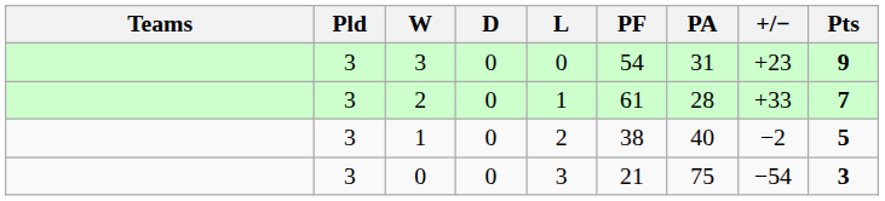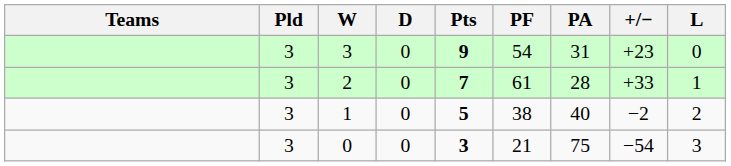 <table class="wikitable" style="text-align: center;">
 <tr>
 <th width="200">Teams</th>
 <th width="40">Pld</th>
 <th width="40">W</th>
 <th width="40">D</th>
-<th width="40">L</th>
+<th width="40">Pts</th>
 <th width="40">PF</th>
 <th width="40">PA</th>
 <th width="40">+/−</th>
-<th width="40">Pts</th>
+<th width="40">L</th>
 </tr>
 <tr bgcolor=ccffcc>
 <td align=left></td>
 <td>3</td>
 <td>3</td>
 <td>0</td>
-<td>0</td>
+<td><strong>9</strong></td>
 <td>54</td>
 <td>31</td>
 <td>+23</td>
-<td><strong>9</strong></td>
+<td>0</td>
 </tr>
 <tr bgcolor=ccffcc>
 <td align=left></td>
 <td>3</td>
 <td>2</td>
 <td>0</td>
-<td>1</td>
+<td><strong>7</strong></td>
 <td>61</td>
 <td>28</td>
 <td>+33</td>
-<td><strong>7</strong></td>
+<td>1</td>
 </tr>
 <tr>
 <td align=left></td>
 <td>3</td>
 <td>1</td>
 <td>0</td>
-<td>2</td>
+<td><strong>5</strong></td>
 <td>38</td>
 <td>40</td>
 <td>−2</td>
-<td><strong>5</strong></td>
+<td>2</td>
 </tr>
 <tr>
 <td align=left></td>
 <td>3</td>
 <td>0</td>
 <td>0</td>
-<td>3</td>
+<td><strong>3</strong></td>
 <td>21</td>
 <td>75</td>
 <td>−54</td>
-<td><strong>3</strong></td>
+<td>3</td>
 </tr>
 </table>
